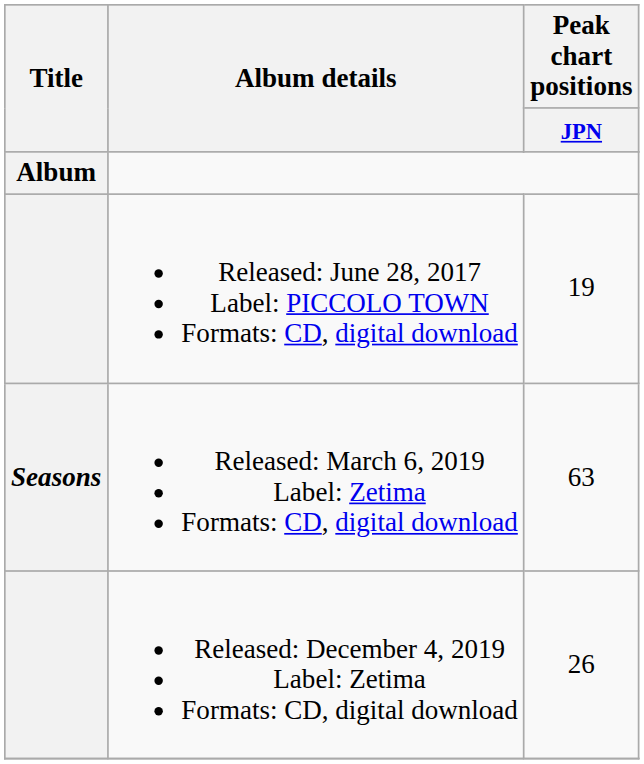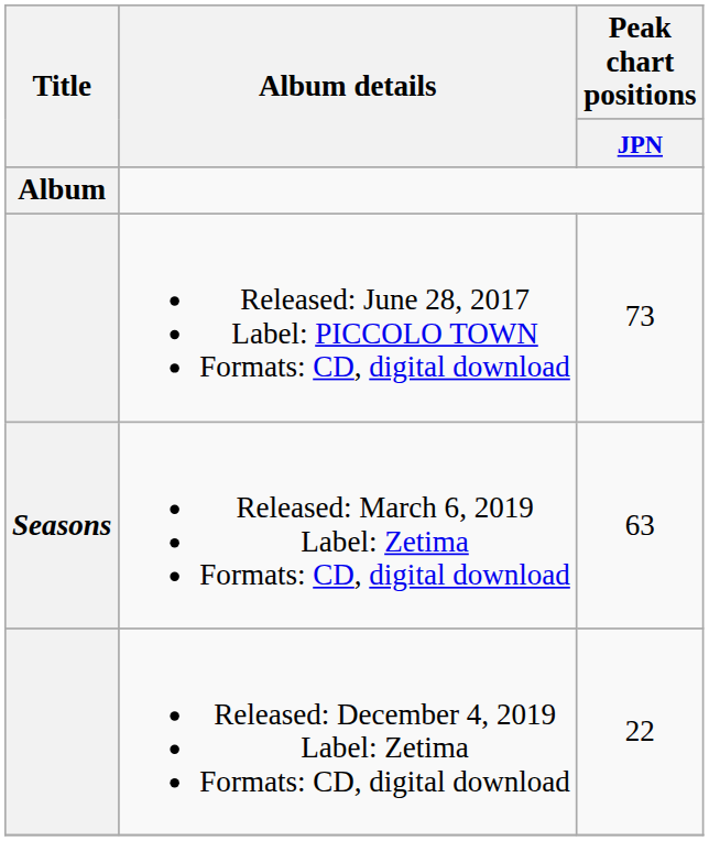 <table class="wikitable plainrowheaders" style="text-align:center;">
 <tr>
 <th scope="col" rowspan="3">Title</th>
 <th scope="col" rowspan="3">Album details</th>
 <th scope="col" colspan="1">Peak <br> chart <br> positions</th>
 </tr>
 <tr>
 <th scope="col" colspan="4"><small><a href='#'>JPN</a></small></th>
 </tr>
 <tr>
 </tr>
 <tr>
 <th style="width:2.5em;">Album</th>
 </tr>
 <tr>
 <th scope="row"></th>
 <td><br><ul><li>Released: June 28, 2017</li><li>Label: <a href='#'>PICCOLO TOWN</a></li><li>Formats: <a href='#'>CD</a>, <a href='#'>digital download</a></li></ul></td>
-<td>19</td>
+<td>73</td>
 </tr>
 <tr>
 <th scope="row"><em>Seasons</em></th>
 <td><br><ul><li>Released: March 6, 2019</li><li>Label: <a href='#'>Zetima</a></li><li>Formats: <a href='#'>CD</a>, <a href='#'>digital download</a></li></ul></td>
 <td>63</td>
 </tr>
 <tr>
 <th scope="row"></th>
 <td><br><ul><li>Released: December 4, 2019</li><li>Label: Zetima</li><li>Formats: CD, digital download</li></ul></td>
-<td>26</td>
+<td>22</td>
 </tr>
 <tr>
 </tr>
 </table>
